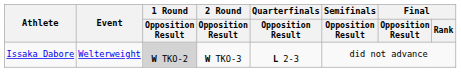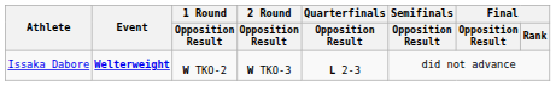 <table class="wikitable" style="font-size:90%">
 <tr>
 <th rowspan="2">Athlete</th>
 <th rowspan="2">Event</th>
 <th>1 Round</th>
 <th>2 Round</th>
 <th>Quarterfinals</th>
 <th>Semifinals</th>
 <th colspan=2>Final</th>
 </tr>
 <tr style="font-size:95%">
 <th>Opposition<br>Result</th>
 <th>Opposition<br>Result</th>
 <th>Opposition<br>Result</th>
 <th>Opposition<br>Result</th>
 <th>Opposition<br>Result</th>
 <th>Rank</th>
 </tr>
 <tr align=center>
 <td align=left><a href='#'>Issaka Dabore</a></td>
-<td align=left><a href='#'>Welterweight</a></td>
-<td style="background: lightgrey;"><br><strong>W</strong> TKO-2</td>
+<td align=left><strong><a href='#'>Welterweight</a></strong></td>
+<td><br><strong>W</strong> TKO-2</td>
 <td><br><strong>W</strong> TKO-3</td>
 <td><br><strong>L</strong> 2-3</td>
 <td colspan=4>did not advance</td>
 </tr>
 </table>
